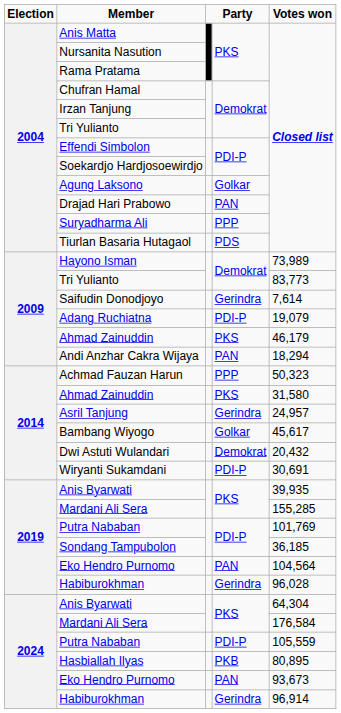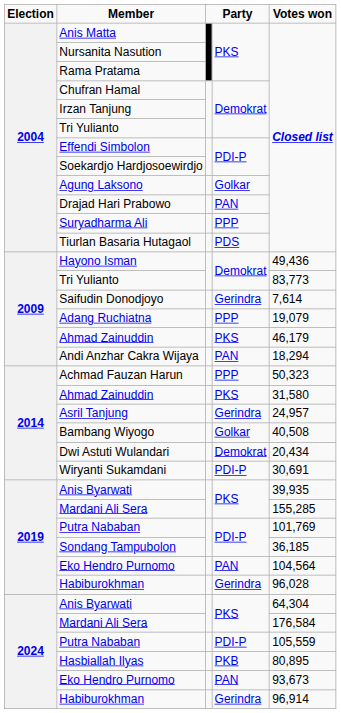 <table class="wikitable" align="center">
 <tr>
 <td align="center"><strong>Election</strong></td>
 <td align="center"><strong>Member</strong></td>
 <td colspan="2" align="center"><strong>Party</strong></td>
 <td align="center"><strong>Votes won</strong></td>
 </tr>
 <tr>
 <th rowspan="12"><a href='#'>2004</a></th>
 <td><a href='#'>Anis Matta</a></td>
 <td rowspan="3" width=1px style="background-color: #000000"></td>
 <td rowspan="3"><a href='#'>PKS</a></td>
 <td rowspan="12"><strong><em><a href='#'>Closed list</a></em></strong></td>
 </tr>
 <tr>
 <td>Nursanita Nasution</td>
 </tr>
 <tr>
 <td>Rama Pratama</td>
 </tr>
 <tr>
 <td>Chufran Hamal</td>
 <td rowspan="3" width=1px style="background-color: "></td>
 <td rowspan="3"><a href='#'>Demokrat</a></td>
 </tr>
 <tr>
 <td>Irzan Tanjung</td>
 </tr>
 <tr>
 <td>Tri Yulianto</td>
 </tr>
 <tr>
 <td><a href='#'>Effendi Simbolon</a></td>
 <td rowspan="2" width=1px style="background-color: "></td>
 <td rowspan="2"><a href='#'>PDI-P</a></td>
 </tr>
 <tr>
 <td>Soekardjo Hardjosoewirdjo</td>
 </tr>
 <tr>
 <td><a href='#'>Agung Laksono</a></td>
 <td width=1px style="background-color: "></td>
 <td><a href='#'>Golkar</a></td>
 </tr>
 <tr>
 <td>Drajad Hari Prabowo</td>
 <td width=1px style="background-color: "></td>
 <td><a href='#'>PAN</a></td>
 </tr>
 <tr>
 <td><a href='#'>Suryadharma Ali</a></td>
 <td width=1px style="background-color: "></td>
 <td><a href='#'>PPP</a></td>
 </tr>
 <tr>
 <td>Tiurlan Basaria Hutagaol</td>
 <td width=1px style="background-color: "></td>
 <td><a href='#'>PDS</a></td>
 </tr>
 <tr>
 <th rowspan="6"><a href='#'>2009</a></th>
 <td><a href='#'>Hayono Isman</a></td>
 <td rowspan="2" width=1px style="background-color: "></td>
 <td rowspan="2"><a href='#'>Demokrat</a></td>
-<td>73,989</td>
+<td>49,436</td>
 </tr>
 <tr>
 <td>Tri Yulianto</td>
 <td>83,773</td>
 </tr>
 <tr>
 <td>Saifudin Donodjoyo</td>
 <td width=1px style="background-color: "></td>
 <td><a href='#'>Gerindra</a></td>
 <td>7,614</td>
 </tr>
 <tr>
 <td><a href='#'>Adang Ruchiatna</a></td>
 <td width=1px style="background-color: "></td>
-<td><a href='#'>PDI-P</a></td>
+<td><a href='#'>PPP</a></td>
 <td>19,079</td>
 </tr>
 <tr>
 <td><a href='#'>Ahmad Zainuddin</a></td>
 <td width=1px style="background-color:"></td>
 <td><a href='#'>PKS</a></td>
 <td>46,179</td>
 </tr>
 <tr>
 <td>Andi Anzhar Cakra Wijaya</td>
 <td width=1px style="background-color: "></td>
 <td><a href='#'>PAN</a></td>
 <td>18,294</td>
 </tr>
 <tr>
 <th rowspan="6"><a href='#'>2014</a></th>
 <td>Achmad Fauzan Harun</td>
 <td width=1px style="background-color: "></td>
 <td><a href='#'>PPP</a></td>
 <td>50,323</td>
 </tr>
 <tr>
 <td><a href='#'>Ahmad Zainuddin</a></td>
 <td width=1px style="background-color:"></td>
 <td><a href='#'>PKS</a></td>
 <td>31,580</td>
 </tr>
 <tr>
 <td><a href='#'>Asril Tanjung</a></td>
 <td width=1px style="background-color: "></td>
 <td><a href='#'>Gerindra</a></td>
 <td>24,957</td>
 </tr>
 <tr>
 <td>Bambang Wiyogo</td>
 <td width=1px style="background-color: "></td>
 <td><a href='#'>Golkar</a></td>
-<td>45,617</td>
+<td>40,508</td>
 </tr>
 <tr>
 <td>Dwi Astuti Wulandari</td>
 <td width=1px style="background-color: "></td>
 <td><a href='#'>Demokrat</a></td>
-<td>20,432</td>
+<td>20,434</td>
 </tr>
 <tr>
 <td>Wiryanti Sukamdani</td>
 <td width=1px style="background-color: "></td>
 <td><a href='#'>PDI-P</a></td>
 <td>30,691</td>
 </tr>
 <tr>
 <th rowspan="6"><a href='#'>2019</a></th>
 <td><a href='#'>Anis Byarwati</a></td>
 <td rowspan="2" width=1px style="background-color: "></td>
 <td rowspan="2"><a href='#'>PKS</a></td>
 <td>39,935</td>
 </tr>
 <tr>
 <td><a href='#'>Mardani Ali Sera</a></td>
 <td>155,285</td>
 </tr>
 <tr>
 <td><a href='#'>Putra Nababan</a></td>
 <td rowspan="2" width=1px style="background-color: "></td>
 <td rowspan="2"><a href='#'>PDI-P</a></td>
 <td>101,769</td>
 </tr>
 <tr>
 <td><a href='#'>Sondang Tampubolon</a></td>
 <td>36,185</td>
 </tr>
 <tr>
 <td><a href='#'>Eko Hendro Purnomo</a></td>
 <td width=1px style="background-color: "></td>
 <td><a href='#'>PAN</a></td>
 <td>104,564</td>
 </tr>
 <tr>
 <td><a href='#'>Habiburokhman</a></td>
 <td width=1px style="background-color: "></td>
 <td><a href='#'>Gerindra</a></td>
 <td>96,028</td>
 </tr>
 <tr>
 <th rowspan="6"><a href='#'>2024</a></th>
 <td><a href='#'>Anis Byarwati</a></td>
 <td rowspan="2" width=1px style="background-color: "></td>
 <td rowspan="2"><a href='#'>PKS</a></td>
 <td>64,304</td>
 </tr>
 <tr>
 <td><a href='#'>Mardani Ali Sera</a></td>
 <td>176,584</td>
 </tr>
 <tr>
 <td><a href='#'>Putra Nababan</a></td>
 <td width=1px style="background-color: "></td>
 <td><a href='#'>PDI-P</a></td>
 <td>105,559</td>
 </tr>
 <tr>
 <td><a href='#'>Hasbiallah Ilyas</a></td>
 <td width=1px style="background-color: "></td>
 <td><a href='#'>PKB</a></td>
 <td>80,895</td>
 </tr>
 <tr>
 <td><a href='#'>Eko Hendro Purnomo</a></td>
 <td width=1px style="background-color: "></td>
 <td><a href='#'>PAN</a></td>
 <td>93,673</td>
 </tr>
 <tr>
 <td><a href='#'>Habiburokhman</a></td>
 <td width=1px style="background-color: "></td>
 <td><a href='#'>Gerindra</a></td>
 <td>96,914</td>
 </tr>
 </table>
